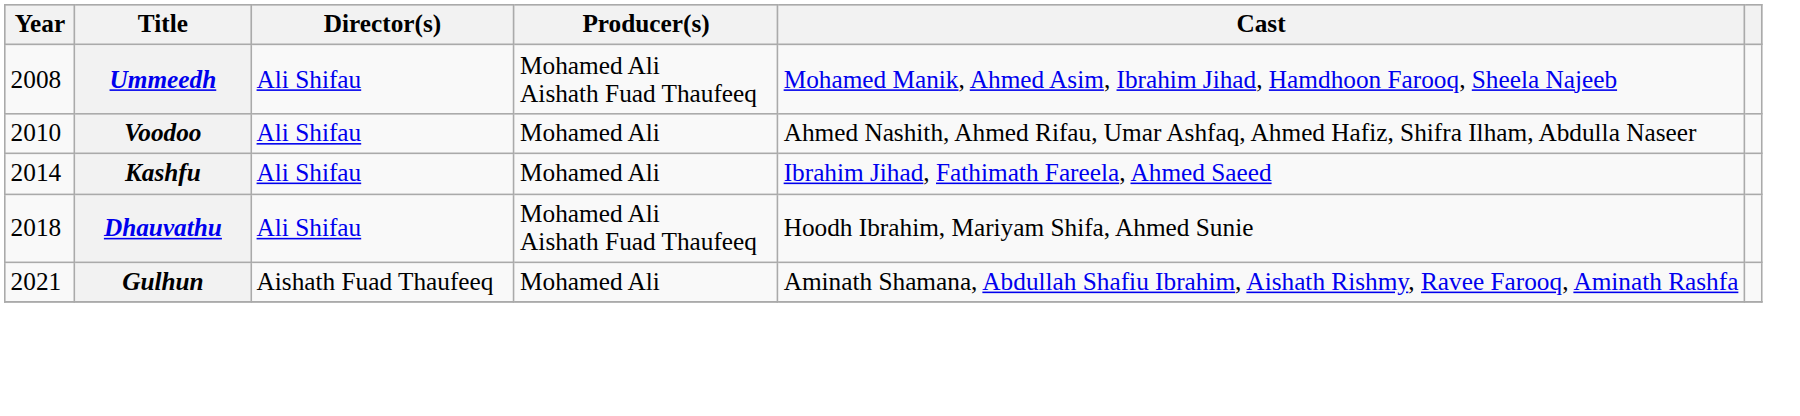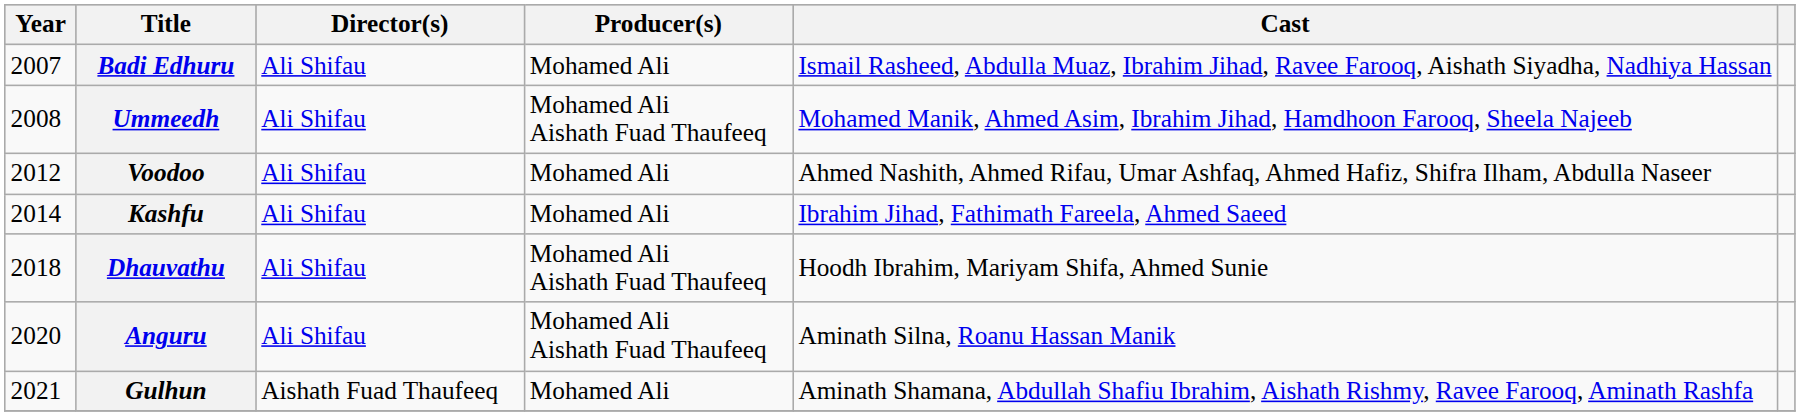 <table class="wikitable sortable plainrowheaders">
 <tr style="background:#ccc; text-align:center;">
 <th scope="col" width="4%">Year</th>
 <th scope="col" width="10%">Title</th>
 <th scope="col" width="15%">Director(s)</th>
 <th scope="col" width="15%">Producer(s)</th>
 <th scope="col" width="55%">Cast</th>
 <th scope="col" class="unsortable"></th>
 </tr>
 <tr>
+<td>2007</td>
+<th scope="row"><em><a href='#'>Badi Edhuru</a></em></th>
+<td><a href='#'>Ali Shifau</a></td>
+<td>Mohamed Ali</td>
+<td><a href='#'>Ismail Rasheed</a>, <a href='#'>Abdulla Muaz</a>, <a href='#'>Ibrahim Jihad</a>, <a href='#'>Ravee Farooq</a>, Aishath Siyadha, <a href='#'>Nadhiya Hassan</a></td>
+<td style="text-align: center;"></td>
+</tr>
+<tr>
 <td>2008</td>
 <th scope="row"><em><a href='#'>Ummeedh</a></em></th>
 <td><a href='#'>Ali Shifau</a></td>
 <td>Mohamed Ali<br>Aishath Fuad Thaufeeq</td>
 <td><a href='#'>Mohamed Manik</a>, <a href='#'>Ahmed Asim</a>, <a href='#'>Ibrahim Jihad</a>, <a href='#'>Hamdhoon Farooq</a>, <a href='#'>Sheela Najeeb</a></td>
 <td style="text-align: center;"></td>
 </tr>
 <tr>
-<td>2010</td>
+<td>2012</td>
 <th scope="row"><em>Voodoo</em></th>
 <td><a href='#'>Ali Shifau</a></td>
 <td>Mohamed Ali</td>
 <td>Ahmed Nashith, Ahmed Rifau, Umar Ashfaq, Ahmed Hafiz, Shifra Ilham, Abdulla Naseer</td>
 <td style="text-align: center;"></td>
 </tr>
 <tr>
 <td>2014</td>
 <th scope="row"><em>Kashfu</em></th>
 <td><a href='#'>Ali Shifau</a></td>
 <td>Mohamed Ali</td>
 <td><a href='#'>Ibrahim Jihad</a>, <a href='#'>Fathimath Fareela</a>, <a href='#'>Ahmed Saeed</a></td>
 <td style="text-align: center;"></td>
 </tr>
 <tr>
 <td>2018</td>
 <th scope="row"><em><a href='#'>Dhauvathu</a></em></th>
 <td><a href='#'>Ali Shifau</a></td>
 <td>Mohamed Ali<br>Aishath Fuad Thaufeeq</td>
 <td>Hoodh Ibrahim, Mariyam Shifa, Ahmed Sunie</td>
 <td style="text-align: center;"></td>
 </tr>
 <tr>
+<td>2020</td>
+<th scope="row"><em><a href='#'>Anguru</a></em></th>
+<td><a href='#'>Ali Shifau</a></td>
+<td>Mohamed Ali<br>Aishath Fuad Thaufeeq</td>
+<td>Aminath Silna, <a href='#'>Roanu Hassan Manik</a></td>
+<td style="text-align: center;"></td>
+</tr>
+<tr>
 <td>2021</td>
 <th scope="row"><em>Gulhun</em></th>
 <td>Aishath Fuad Thaufeeq</td>
 <td>Mohamed Ali</td>
 <td>Aminath Shamana, <a href='#'>Abdullah Shafiu Ibrahim</a>, <a href='#'>Aishath Rishmy</a>, <a href='#'>Ravee Farooq</a>, <a href='#'>Aminath Rashfa</a></td>
 <td style="text-align: center;"></td>
 </tr>
 <tr>
 </tr>
 </table>
